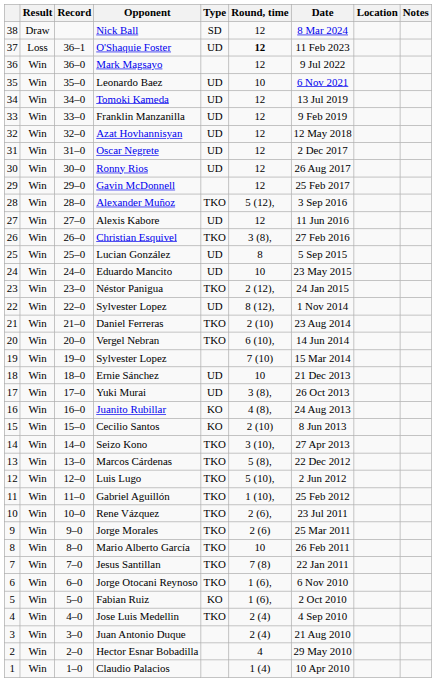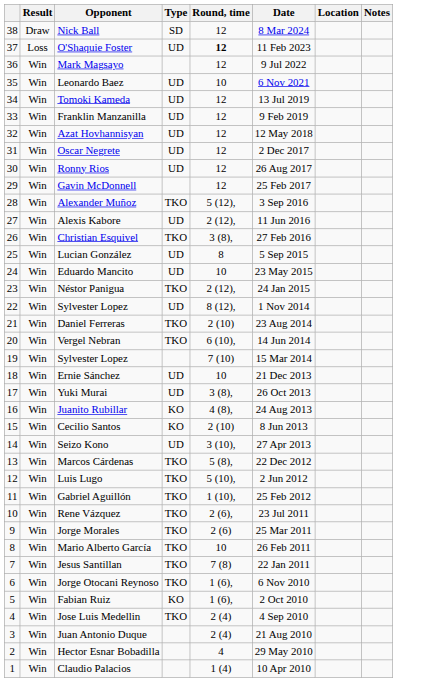 <table class="wikitable" style="text-align:center">
 <tr>
 <th></th>
 <th>Result</th>
-<th>Record</th>
 <th>Opponent</th>
 <th>Type</th>
 <th>Round, time</th>
 <th>Date</th>
 <th>Location</th>
 <th>Notes</th>
 </tr>
 <tr>
 <td>38</td>
 <td>Draw</td>
-<td></td>
 <td style="text-align:left;"><a href='#'>Nick Ball</a></td>
 <td>SD</td>
 <td>12</td>
 <td><a href='#'>8 Mar 2024</a></td>
 <td align=left></td>
 <td style="text-align:left;"></td>
 </tr>
 <tr>
 <td>37</td>
 <td>Loss</td>
-<td>36–1</td>
 <td style="text-align:left;"><a href='#'>O'Shaquie Foster</a></td>
 <td>UD</td>
 <td><strong>12</strong></td>
 <td>11 Feb 2023</td>
 <td align=left></td>
 <td style="text-align:left;"></td>
 </tr>
 <tr>
 <td>36</td>
 <td>Win</td>
-<td>36–0</td>
 <td style="text-align:left;"><a href='#'>Mark Magsayo</a></td>
 <td></td>
 <td>12</td>
 <td>9 Jul 2022</td>
 <td align=left></td>
 <td style="text-align:left;"></td>
 </tr>
 <tr>
 <td>35</td>
 <td>Win</td>
-<td>35–0</td>
 <td style="text-align:left;">Leonardo Baez</td>
 <td>UD</td>
 <td>10</td>
 <td><a href='#'>6 Nov 2021</a></td>
 <td style="text-align:left;"></td>
 <td></td>
 </tr>
 <tr>
 <td>34</td>
 <td>Win</td>
-<td>34–0</td>
 <td style="text-align:left;"><a href='#'>Tomoki Kameda</a></td>
 <td>UD</td>
 <td>12</td>
 <td>13 Jul 2019</td>
 <td style="text-align:left;"></td>
 <td style="text-align:left;"></td>
 </tr>
 <tr>
 <td>33</td>
 <td>Win</td>
-<td>33–0</td>
 <td style="text-align:left;">Franklin Manzanilla</td>
 <td>UD</td>
 <td>12</td>
 <td>9 Feb 2019</td>
 <td style="text-align:left;"></td>
 <td style="text-align:left;"></td>
 </tr>
 <tr>
 <td>32</td>
 <td> Win</td>
-<td>32–0</td>
 <td style="text-align:left;"><a href='#'>Azat Hovhannisyan</a></td>
 <td>UD</td>
 <td>12</td>
 <td>12 May 2018</td>
 <td style="text-align:left;"></td>
 <td style="text-align:left;"></td>
 </tr>
 <tr>
 <td>31</td>
 <td> Win</td>
-<td>31–0</td>
 <td style="text-align:left;"><a href='#'>Oscar Negrete</a></td>
 <td>UD</td>
 <td>12</td>
 <td>2 Dec 2017</td>
 <td style="text-align:left;"></td>
 <td style="text-align:left;"></td>
 </tr>
 <tr>
 <td>30</td>
 <td>Win</td>
-<td>30–0</td>
 <td style="text-align:left;"><a href='#'>Ronny Rios</a></td>
 <td>UD</td>
 <td>12</td>
 <td>26 Aug 2017</td>
 <td style="text-align:left;"></td>
 <td style="text-align:left;"></td>
 </tr>
 <tr>
 <td>29</td>
 <td>Win</td>
-<td>29–0</td>
 <td style="text-align:left;"><a href='#'>Gavin McDonnell</a></td>
 <td></td>
 <td>12</td>
 <td>25 Feb 2017</td>
 <td style="text-align:left;"></td>
 <td style="text-align:left;"></td>
 </tr>
 <tr>
 <td>28</td>
 <td>Win</td>
-<td>28–0</td>
 <td style="text-align:left;"><a href='#'>Alexander Muñoz</a></td>
 <td>TKO</td>
 <td>5 (12), </td>
 <td>3 Sep 2016</td>
 <td style="text-align:left;"></td>
 <td style="text-align:left;"></td>
 </tr>
 <tr>
 <td>27</td>
 <td>Win</td>
-<td>27–0</td>
 <td style="text-align:left;">Alexis Kabore</td>
 <td>UD</td>
-<td>12</td>
+<td>2 (12), </td>
 <td>11 Jun 2016</td>
 <td style="text-align:left;"></td>
 <td></td>
 </tr>
 <tr>
 <td>26</td>
 <td>Win</td>
-<td>26–0</td>
 <td style="text-align:left;"><a href='#'>Christian Esquivel</a></td>
 <td>TKO</td>
 <td>3 (8), </td>
 <td>27 Feb 2016</td>
 <td style="text-align:left;"></td>
 <td></td>
 </tr>
 <tr>
 <td>25</td>
 <td>Win</td>
-<td>25–0</td>
 <td style="text-align:left;">Lucian González</td>
 <td>UD</td>
 <td>8</td>
 <td>5 Sep 2015</td>
 <td style="text-align:left;"></td>
 <td></td>
 </tr>
 <tr>
 <td>24</td>
 <td>Win</td>
-<td>24–0</td>
 <td style="text-align:left;">Eduardo Mancito</td>
 <td>UD</td>
 <td>10</td>
 <td>23 May 2015</td>
 <td style="text-align:left;"></td>
 <td></td>
 </tr>
 <tr>
 <td>23</td>
 <td>Win</td>
-<td>23–0</td>
 <td style="text-align:left;">Néstor Panigua</td>
 <td>TKO</td>
 <td>2 (12), </td>
 <td>24 Jan 2015</td>
 <td style="text-align:left;"></td>
 <td style="text-align:left;"></td>
 </tr>
 <tr>
 <td>22</td>
 <td>Win</td>
-<td>22–0</td>
 <td style="text-align:left;">Sylvester Lopez</td>
 <td>UD</td>
 <td>8 (12), </td>
 <td>1 Nov 2014</td>
 <td style="text-align:left;"></td>
 <td style="text-align:left;"></td>
 </tr>
 <tr>
 <td>21</td>
 <td>Win</td>
-<td>21–0</td>
 <td style="text-align:left;">Daniel Ferreras</td>
 <td>TKO</td>
 <td>2 (10)</td>
 <td>23 Aug 2014</td>
 <td style="text-align:left;"></td>
 <td style="text-align:left;"></td>
 </tr>
 <tr>
 <td>20</td>
 <td>Win</td>
-<td>20–0</td>
 <td style="text-align:left;">Vergel Nebran</td>
 <td>TKO</td>
 <td>6 (10), </td>
 <td>14 Jun 2014</td>
 <td style="text-align:left;"></td>
 <td style="text-align:left;"></td>
 </tr>
 <tr>
 <td>19</td>
 <td>Win</td>
-<td>19–0</td>
 <td style="text-align:left;">Sylvester Lopez</td>
 <td></td>
 <td>7 (10)</td>
 <td>15 Mar 2014</td>
 <td style="text-align:left;"></td>
 <td></td>
 </tr>
 <tr>
 <td>18</td>
 <td>Win</td>
-<td>18–0</td>
 <td style="text-align:left;">Ernie Sánchez</td>
 <td>UD</td>
 <td>10</td>
 <td>21 Dec 2013</td>
 <td style="text-align:left;"></td>
 <td style="text-align:left;"></td>
 </tr>
 <tr>
 <td>17</td>
 <td>Win</td>
-<td>17–0</td>
 <td style="text-align:left;">Yuki Murai</td>
 <td>UD</td>
 <td>3 (8), </td>
 <td>26 Oct 2013</td>
 <td style="text-align:left;"></td>
 <td style="text-align:left;"></td>
 </tr>
 <tr>
 <td>16</td>
 <td>Win</td>
-<td>16–0</td>
 <td style="text-align:left;"><a href='#'>Juanito Rubillar</a></td>
 <td>KO</td>
 <td>4 (8), </td>
 <td>24 Aug 2013</td>
 <td style="text-align:left;"></td>
 <td></td>
 </tr>
 <tr>
 <td>15</td>
 <td>Win</td>
-<td>15–0</td>
 <td style="text-align:left;">Cecilio Santos</td>
 <td>KO</td>
 <td>2 (10)</td>
 <td>8 Jun 2013</td>
 <td style="text-align:left;"></td>
 <td></td>
 </tr>
 <tr>
 <td>14</td>
 <td>Win</td>
-<td>14–0</td>
 <td style="text-align:left;">Seizo Kono</td>
-<td>TKO</td>
+<td>UD</td>
 <td>3 (10), </td>
 <td>27 Apr 2013</td>
 <td style="text-align:left;"></td>
 <td style="text-align:left;"></td>
 </tr>
 <tr>
 <td>13</td>
 <td>Win</td>
-<td>13–0</td>
 <td style="text-align:left;">Marcos Cárdenas</td>
 <td>TKO</td>
 <td>5 (8), </td>
 <td>22 Dec 2012</td>
 <td style="text-align:left;"></td>
 <td></td>
 </tr>
 <tr>
 <td>12</td>
 <td>Win</td>
-<td>12–0</td>
 <td style="text-align:left;">Luis Lugo</td>
 <td>TKO</td>
 <td>5 (10), </td>
 <td>2 Jun 2012</td>
 <td style="text-align:left;"></td>
 <td></td>
 </tr>
 <tr>
 <td>11</td>
 <td>Win</td>
-<td>11–0</td>
 <td style="text-align:left;">Gabriel Aguillón</td>
 <td>TKO</td>
 <td>1 (10), </td>
 <td>25 Feb 2012</td>
 <td style="text-align:left;"></td>
 <td style="text-align:left;"></td>
 </tr>
 <tr>
 <td>10</td>
 <td>Win</td>
-<td>10–0</td>
 <td style="text-align:left;">Rene Vázquez</td>
 <td>TKO</td>
 <td>2 (6), </td>
 <td>23 Jul 2011</td>
 <td style="text-align:left;"></td>
 <td></td>
 </tr>
 <tr>
 <td>9</td>
 <td>Win</td>
-<td>9–0</td>
 <td style="text-align:left;">Jorge Morales</td>
 <td>TKO</td>
 <td>2 (6)</td>
 <td>25 Mar 2011</td>
 <td style="text-align:left;"></td>
 <td></td>
 </tr>
 <tr>
 <td>8</td>
 <td>Win</td>
-<td>8–0</td>
 <td style="text-align:left;">Mario Alberto García</td>
 <td>TKO</td>
 <td>10</td>
 <td>26 Feb 2011</td>
 <td style="text-align:left;"></td>
 <td></td>
 </tr>
 <tr>
 <td>7</td>
 <td>Win</td>
-<td>7–0</td>
 <td style="text-align:left;">Jesus Santillan</td>
 <td>TKO</td>
 <td>7 (8)</td>
 <td>22 Jan 2011</td>
 <td style="text-align:left;"></td>
 <td></td>
 </tr>
 <tr>
 <td>6</td>
 <td>Win</td>
-<td>6–0</td>
 <td style="text-align:left;">Jorge Otocani Reynoso</td>
 <td>TKO</td>
 <td>1 (6), </td>
 <td>6 Nov 2010</td>
 <td style="text-align:left;"></td>
 <td></td>
 </tr>
 <tr>
 <td>5</td>
 <td>Win</td>
-<td>5–0</td>
 <td style="text-align:left;">Fabian Ruiz</td>
 <td>KO</td>
 <td>1 (6), </td>
 <td>2 Oct 2010</td>
 <td style="text-align:left;"></td>
 <td></td>
 </tr>
 <tr>
 <td>4</td>
 <td>Win</td>
-<td>4–0</td>
 <td style="text-align:left;">Jose Luis Medellin</td>
 <td>TKO</td>
 <td>2 (4)</td>
 <td>4 Sep 2010</td>
 <td style="text-align:left;"></td>
 <td></td>
 </tr>
 <tr>
 <td>3</td>
 <td>Win</td>
-<td>3–0</td>
 <td style="text-align:left;">Juan Antonio Duque</td>
 <td></td>
 <td>2 (4)</td>
 <td>21 Aug 2010</td>
 <td style="text-align:left;"></td>
 <td></td>
 </tr>
 <tr>
 <td>2</td>
 <td>Win</td>
-<td>2–0</td>
 <td style="text-align:left;">Hector Esnar Bobadilla</td>
 <td></td>
 <td>4</td>
 <td>29 May 2010</td>
 <td style="text-align:left;"></td>
 <td></td>
 </tr>
 <tr>
 <td>1</td>
 <td>Win</td>
-<td>1–0</td>
 <td style="text-align:left;">Claudio Palacios</td>
 <td></td>
 <td>1 (4)</td>
 <td>10 Apr 2010</td>
 <td style="text-align:left;"></td>
 <td></td>
 </tr>
 </table>
